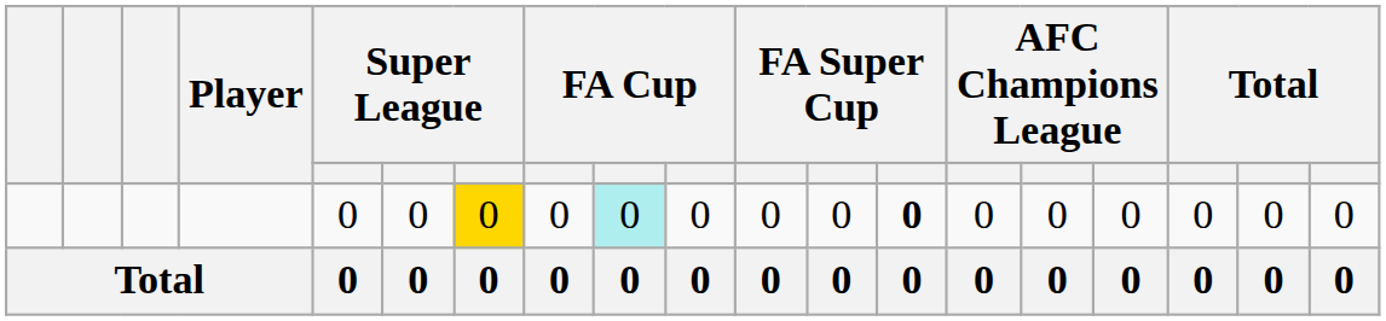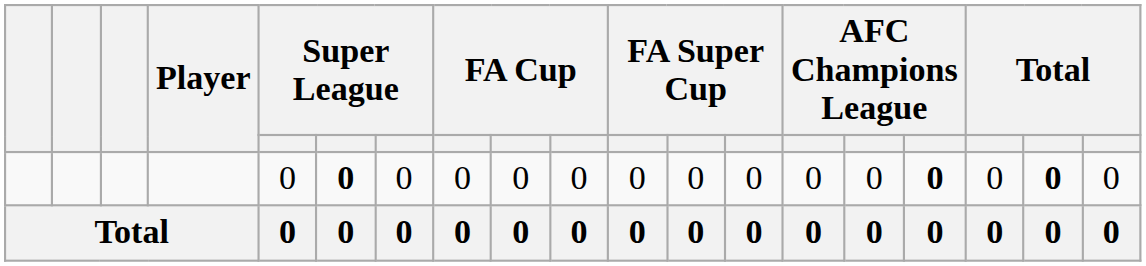 <table class="wikitable sortable" style="text-align:center;">
 <tr>
 <th rowspan=2 width=15></th>
 <th rowspan=2 width=15></th>
 <th rowspan=2 width=15></th>
 <th rowspan=2>Player</th>
 <th colspan="3" style="text-align:center;"><strong>Super League</strong></th>
 <th colspan="3" style="text-align:center;"><strong>FA Cup</strong></th>
 <th colspan="3" style="text-align:center;"><strong>FA Super Cup</strong></th>
 <th colspan="3" style="text-align:center;"><strong>AFC Champions League</strong></th>
 <th colspan="3" style="text-align:center;"><strong>Total</strong></th>
 </tr>
 <tr>
 <th width=20></th>
 <th width=20></th>
 <th width=20></th>
 <th width=20></th>
 <th width=20></th>
 <th width=20></th>
 <th width=20></th>
 <th width=20></th>
 <th width=20></th>
 <th width=20></th>
 <th width=20></th>
 <th width=20></th>
 <th width=20></th>
 <th width=20></th>
 <th width=20></th>
 </tr>
 <tr>
 <td></td>
 <td></td>
 <td></td>
 <td></td>
 <td>0</td>
-<td>0</td>
-<td style="background: gold;">0</td>
-<td>0</td>
-<td style="background: paleturquoise;">0</td>
-<td>0</td>
-<td>0</td>
-<td>0</td>
 <td><strong>0</strong></td>
 <td>0</td>
 <td>0</td>
 <td>0</td>
 <td>0</td>
 <td>0</td>
+<td>0</td>
+<td>0</td>
+<td>0</td>
+<td>0</td>
+<td><strong>0</strong></td>
+<td>0</td>
+<td><strong>0</strong></td>
 <td>0</td>
 </tr>
 <tr>
 <th colspan="4"><strong>Total</strong></th>
 <th><strong>0</strong></th>
 <th><strong>0</strong></th>
 <th><strong>0</strong></th>
 <th><strong>0</strong></th>
 <th><strong>0</strong></th>
 <th><strong>0</strong></th>
 <th><strong>0</strong></th>
 <th><strong>0</strong></th>
 <th><strong>0</strong></th>
 <th><strong>0</strong></th>
 <th><strong>0</strong></th>
 <th><strong>0</strong></th>
 <th><strong>0</strong></th>
 <th><strong>0</strong></th>
 <th><strong>0</strong></th>
 </tr>
 </table>
